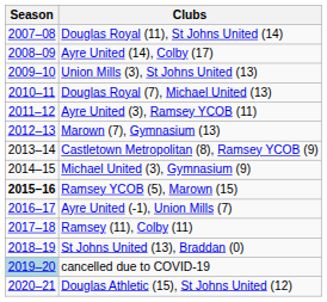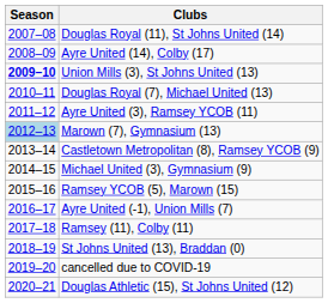 <table class="wikitable" style="text-align:center;">
 <tr>
 <th>Season</th>
 <th>Clubs</th>
 </tr>
 <tr>
 <td><a href='#'>2007–08</a></td>
 <td style="text-align:left;"><a href='#'>Douglas Royal</a> (11), <a href='#'>St Johns United</a> (14)</td>
 </tr>
 <tr>
 <td><a href='#'>2008–09</a></td>
 <td style="text-align:left;"><a href='#'>Ayre United</a> (14), <a href='#'>Colby</a> (17)</td>
 </tr>
 <tr>
-<td><a href='#'>2009–10</a></td>
+<td><strong><a href='#'>2009–10</a></strong></td>
 <td style="text-align:left;"><a href='#'>Union Mills</a> (3), <a href='#'>St Johns United</a> (13)</td>
 </tr>
 <tr>
 <td><a href='#'>2010–11</a></td>
 <td style="text-align:left;"><a href='#'>Douglas Royal</a> (7), <a href='#'>Michael United</a> (13)</td>
 </tr>
 <tr>
 <td><a href='#'>2011–12</a></td>
 <td style="text-align:left;"><a href='#'>Ayre United</a> (3), <a href='#'>Ramsey YCOB</a> (11)</td>
 </tr>
 <tr>
-<td><a href='#'>2012–13</a></td>
+<td style="background: lightblue;"><a href='#'>2012–13</a></td>
 <td style="text-align:left;"><a href='#'>Marown</a> (7), <a href='#'>Gymnasium</a> (13)</td>
 </tr>
 <tr>
 <td>2013–14</td>
 <td style="text-align:left;"><a href='#'>Castletown Metropolitan</a> (8),  <a href='#'>Ramsey YCOB</a> (9)</td>
 </tr>
 <tr>
 <td>2014–15</td>
 <td style="text-align:left;"><a href='#'>Michael United</a> (3), <a href='#'>Gymnasium</a> (9)</td>
 </tr>
 <tr>
-<td><strong>2015–16</strong></td>
+<td>2015–16</td>
 <td style="text-align:left;"><a href='#'>Ramsey YCOB</a> (5), <a href='#'>Marown</a> (15)</td>
 </tr>
 <tr>
 <td><a href='#'>2016–17</a></td>
 <td style="text-align:left;"><a href='#'>Ayre United</a> (-1), <a href='#'>Union Mills</a> (7)</td>
 </tr>
 <tr>
 <td><a href='#'>2017–18</a></td>
 <td style="text-align:left;"><a href='#'>Ramsey</a> (11), <a href='#'>Colby</a> (11)</td>
 </tr>
 <tr>
 <td><a href='#'>2018–19</a></td>
 <td style="text-align:left;"><a href='#'>St Johns United</a> (13), <a href='#'>Braddan</a> (0)</td>
 </tr>
 <tr>
-<td style="background: lightblue;"><a href='#'>2019–20</a></td>
+<td><a href='#'>2019–20</a></td>
 <td style="text-align:left;">cancelled due to COVID-19</td>
 </tr>
 <tr>
 <td><a href='#'>2020–21</a></td>
 <td style="text-align:left;"><a href='#'>Douglas Athletic</a> (15), <a href='#'>St Johns United</a> (12)</td>
 </tr>
 </table>
